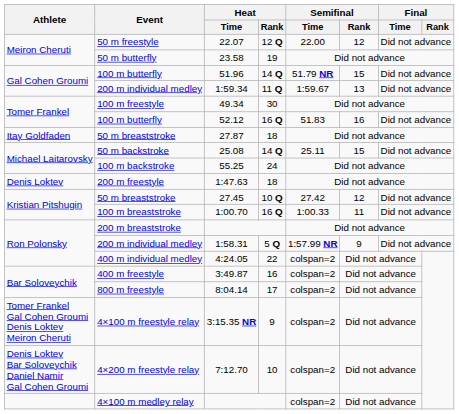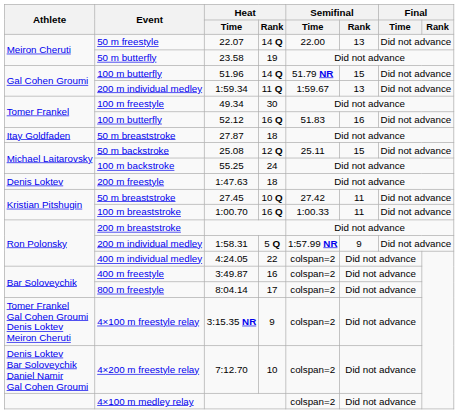 <table class="wikitable" style="text-align:center; font-size:90%">
 <tr>
 <th rowspan="2">Athlete</th>
 <th rowspan="2">Event</th>
 <th colspan="2">Heat</th>
 <th colspan="2">Semifinal</th>
 <th colspan="2">Final</th>
 </tr>
 <tr style="font-size:95%">
 <th>Time</th>
 <th>Rank</th>
 <th>Time</th>
 <th>Rank</th>
 <th>Time</th>
 <th>Rank</th>
 </tr>
 <tr>
 <td align=left rowspan=2><a href='#'>Meiron Cheruti</a></td>
 <td align=left><a href='#'>50 m freestyle</a></td>
 <td>22.07</td>
-<td>12 <strong>Q</strong></td>
+<td>14 <strong>Q</strong></td>
 <td>22.00</td>
-<td>12</td>
+<td>13</td>
 <td colspan=2>Did not advance</td>
 </tr>
 <tr>
 <td align=left><a href='#'>50 m butterfly</a></td>
 <td>23.58</td>
 <td>19</td>
 <td colspan=4>Did not advance</td>
 </tr>
 <tr>
 <td align=left rowspan=2><a href='#'>Gal Cohen Groumi</a></td>
 <td align=left><a href='#'>100 m butterfly</a></td>
 <td>51.96</td>
 <td>14 <strong>Q</strong></td>
 <td>51.79 <strong><a href='#'>NR</a></strong></td>
 <td>15</td>
 <td colspan=2>Did not advance</td>
 </tr>
 <tr>
 <td align=left><a href='#'>200 m individual medley</a></td>
 <td>1:59.34</td>
 <td>11 <strong>Q</strong></td>
 <td>1:59.67</td>
 <td>13</td>
 <td colspan=2>Did not advance</td>
 </tr>
 <tr>
 <td align=left rowspan=2><a href='#'>Tomer Frankel</a></td>
 <td align=left><a href='#'>100 m freestyle</a></td>
 <td>49.34</td>
 <td>30</td>
 <td colspan=4>Did not advance</td>
 </tr>
 <tr>
 <td align=left><a href='#'>100 m butterfly</a></td>
 <td>52.12</td>
 <td>16 <strong>Q</strong></td>
 <td>51.83</td>
 <td>16</td>
 <td colspan=2>Did not advance</td>
 </tr>
 <tr>
 <td align=left><a href='#'>Itay Goldfaden</a></td>
 <td align=left><a href='#'>50 m breaststroke</a></td>
 <td>27.87</td>
 <td>18</td>
 <td colspan=4>Did not advance</td>
 </tr>
 <tr>
 <td align=left rowspan=2><a href='#'>Michael Laitarovsky</a></td>
 <td align=left><a href='#'>50 m backstroke</a></td>
 <td>25.08</td>
-<td>14 <strong>Q</strong></td>
+<td>12 <strong>Q</strong></td>
 <td>25.11</td>
 <td>15</td>
 <td colspan=2>Did not advance</td>
 </tr>
 <tr>
 <td align=left><a href='#'>100 m backstroke</a></td>
 <td>55.25</td>
 <td>24</td>
 <td colspan=4>Did not advance</td>
 </tr>
 <tr>
 <td align=left><a href='#'>Denis Loktev</a></td>
 <td align=left><a href='#'>200 m freestyle</a></td>
 <td>1:47.63</td>
 <td>18</td>
 <td colspan=4>Did not advance</td>
 </tr>
 <tr>
 <td align=left rowspan=2><a href='#'>Kristian Pitshugin</a></td>
 <td align=left><a href='#'>50 m breaststroke</a></td>
 <td>27.45</td>
 <td>10 <strong>Q</strong></td>
 <td>27.42</td>
-<td>12</td>
+<td>11</td>
 <td colspan=2>Did not advance</td>
 </tr>
 <tr>
 <td align=left><a href='#'>100 m breaststroke</a></td>
 <td>1:00.70</td>
 <td>16 <strong>Q</strong></td>
 <td>1:00.33</td>
 <td>11</td>
 <td colspan=2>Did not advance</td>
 </tr>
 <tr>
 <td align=left rowspan=3><a href='#'>Ron Polonsky</a></td>
 <td align=left><a href='#'>200 m breaststroke</a></td>
 <td colspan=2></td>
 <td colspan=4>Did not advance</td>
 </tr>
 <tr>
 <td align=left><a href='#'>200 m individual medley</a></td>
 <td>1:58.31</td>
 <td>5 <strong>Q</strong></td>
 <td>1:57.99 <strong><a href='#'>NR</a></strong></td>
 <td>9</td>
 <td colspan=2>Did not advance</td>
 </tr>
 <tr>
 <td align=left><a href='#'>400 m individual medley</a></td>
 <td>4:24.05</td>
 <td>22</td>
 <td>colspan=2 </td>
 <td colspan=2>Did not advance</td>
 </tr>
 <tr>
 <td align=left rowspan=2><a href='#'>Bar Soloveychik</a></td>
 <td align=left><a href='#'>400 m freestyle</a></td>
 <td>3:49.87</td>
 <td>16</td>
 <td>colspan=2 </td>
 <td colspan=2>Did not advance</td>
 </tr>
 <tr>
 <td align=left><a href='#'>800 m freestyle</a></td>
 <td>8:04.14</td>
 <td>17</td>
 <td>colspan=2 </td>
 <td colspan=2>Did not advance</td>
 </tr>
 <tr>
 <td align=left><a href='#'>Tomer Frankel</a><br><a href='#'>Gal Cohen Groumi</a><br><a href='#'>Denis Loktev</a><br><a href='#'>Meiron Cheruti</a></td>
 <td align=left><a href='#'>4×100 m freestyle relay</a></td>
 <td>3:15.35 <strong><a href='#'>NR</a></strong></td>
 <td>9</td>
 <td>colspan=2 </td>
 <td colspan=2>Did not advance</td>
 </tr>
 <tr>
 <td align=left><a href='#'>Denis Loktev</a><br><a href='#'>Bar Soloveychik</a><br><a href='#'>Daniel Namir</a><br><a href='#'>Gal Cohen Groumi</a></td>
 <td align=left><a href='#'>4×200 m freestyle relay</a></td>
 <td>7:12.70</td>
 <td>10</td>
 <td>colspan=2 </td>
 <td colspan=2>Did not advance</td>
 </tr>
 <tr>
 <td align=left></td>
 <td align=left><a href='#'>4×100 m medley relay</a></td>
 <td colspan=2></td>
 <td>colspan=2 </td>
 <td colspan=2>Did not advance</td>
 </tr>
 </table>
